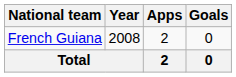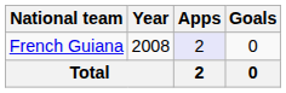 <table class="wikitable" style="text-align:center">
 <tr>
 <th>National team</th>
 <th>Year</th>
 <th>Apps</th>
 <th>Goals</th>
 </tr>
 <tr>
 <td><a href='#'>French Guiana</a></td>
 <td>2008</td>
-<td>2</td>
+<td style="background: lavender;">2</td>
 <td>0</td>
 </tr>
 <tr>
 <th colspan="2">Total</th>
 <th>2</th>
 <th>0</th>
 </tr>
 </table>
